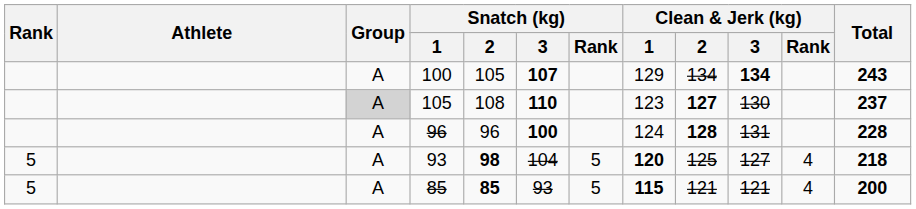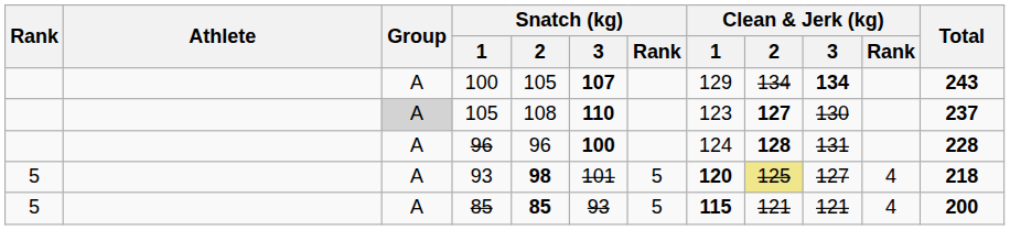 <table class = "wikitable" style="text-align:center;">
 <tr>
 <th rowspan=2 width=40>Rank</th>
 <th rowspan=2 width=250>Athlete</th>
 <th rowspan=2 width=50>Group</th>
 <th colspan=4>Snatch (kg)</th>
 <th colspan=4>Clean & Jerk (kg)</th>
 <th rowspan=2 width=60>Total</th>
 </tr>
 <tr>
 <th width=40>1</th>
 <th width=40>2</th>
 <th width=40>3</th>
 <th width=40>Rank</th>
 <th width=40>1</th>
 <th width=40>2</th>
 <th width=40>3</th>
 <th width=40>Rank</th>
 </tr>
 <tr>
 <td></td>
 <td align=left></td>
 <td>A</td>
 <td>100</td>
 <td>105</td>
 <td><strong>107</strong></td>
 <td></td>
 <td>129</td>
 <td><s>134</s></td>
 <td><strong>134</strong></td>
 <td></td>
 <td><strong>243</strong></td>
 </tr>
 <tr>
 <td></td>
 <td align=left></td>
 <td style="background: lightgrey;">A</td>
 <td>105</td>
 <td>108</td>
 <td><strong>110</strong></td>
 <td></td>
 <td>123</td>
 <td><strong>127</strong></td>
 <td><s>130</s></td>
 <td></td>
 <td><strong>237</strong></td>
 </tr>
 <tr>
 <td></td>
 <td align=left></td>
 <td>A</td>
 <td><s>96</s></td>
 <td>96</td>
 <td><strong>100</strong></td>
 <td></td>
 <td>124</td>
 <td><strong>128</strong></td>
 <td><s>131</s></td>
 <td></td>
 <td><strong>228</strong></td>
 </tr>
 <tr>
 <td>5</td>
 <td align=left></td>
 <td>A</td>
 <td>93</td>
 <td><strong>98</strong></td>
-<td><s>104</s></td>
+<td><s>101</s></td>
 <td>5</td>
 <td><strong>120</strong></td>
-<td><s>125</s></td>
+<td style="background: khaki;"><s>125</s></td>
 <td><s>127</s></td>
 <td>4</td>
 <td><strong>218</strong></td>
 </tr>
 <tr>
 <td>5</td>
 <td align=left></td>
 <td>A</td>
 <td><s>85</s></td>
 <td><strong>85</strong></td>
 <td><s>93</s></td>
 <td>5</td>
 <td><strong>115</strong></td>
 <td><s>121</s></td>
 <td><s>121</s></td>
 <td>4</td>
 <td><strong>200</strong></td>
 </tr>
 </table>
